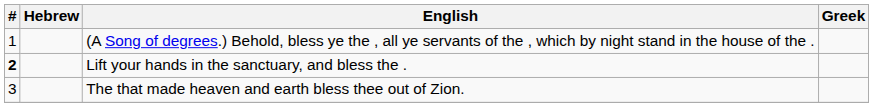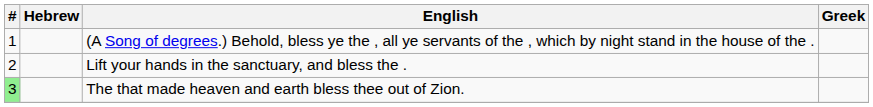 <table class=wikitable>
 <tr>
 <th>#</th>
 <th>Hebrew</th>
 <th>English</th>
 <th>Greek</th>
 </tr>
 <tr>
 <td style="text-align:right">1</td>
 <td style="text-align:right"></td>
 <td>(A <a href='#'>Song of degrees</a>.) Behold, bless ye the , all ye servants of the , which by night stand in the house of the .</td>
 <td></td>
 </tr>
 <tr>
-<td style="text-align:right"><strong>2</strong></td>
+<td style="text-align:right">2</td>
 <td style="text-align:right"></td>
 <td>Lift your hands in the sanctuary, and bless the .</td>
 <td></td>
 </tr>
 <tr>
-<td style="text-align:right">3</td>
+<td style="background: lightgreen; text-align:right">3</td>
 <td style="text-align:right"></td>
 <td>The  that made heaven and earth bless thee out of Zion.</td>
 <td></td>
 </tr>
 <tr>
 </tr>
 </table>
